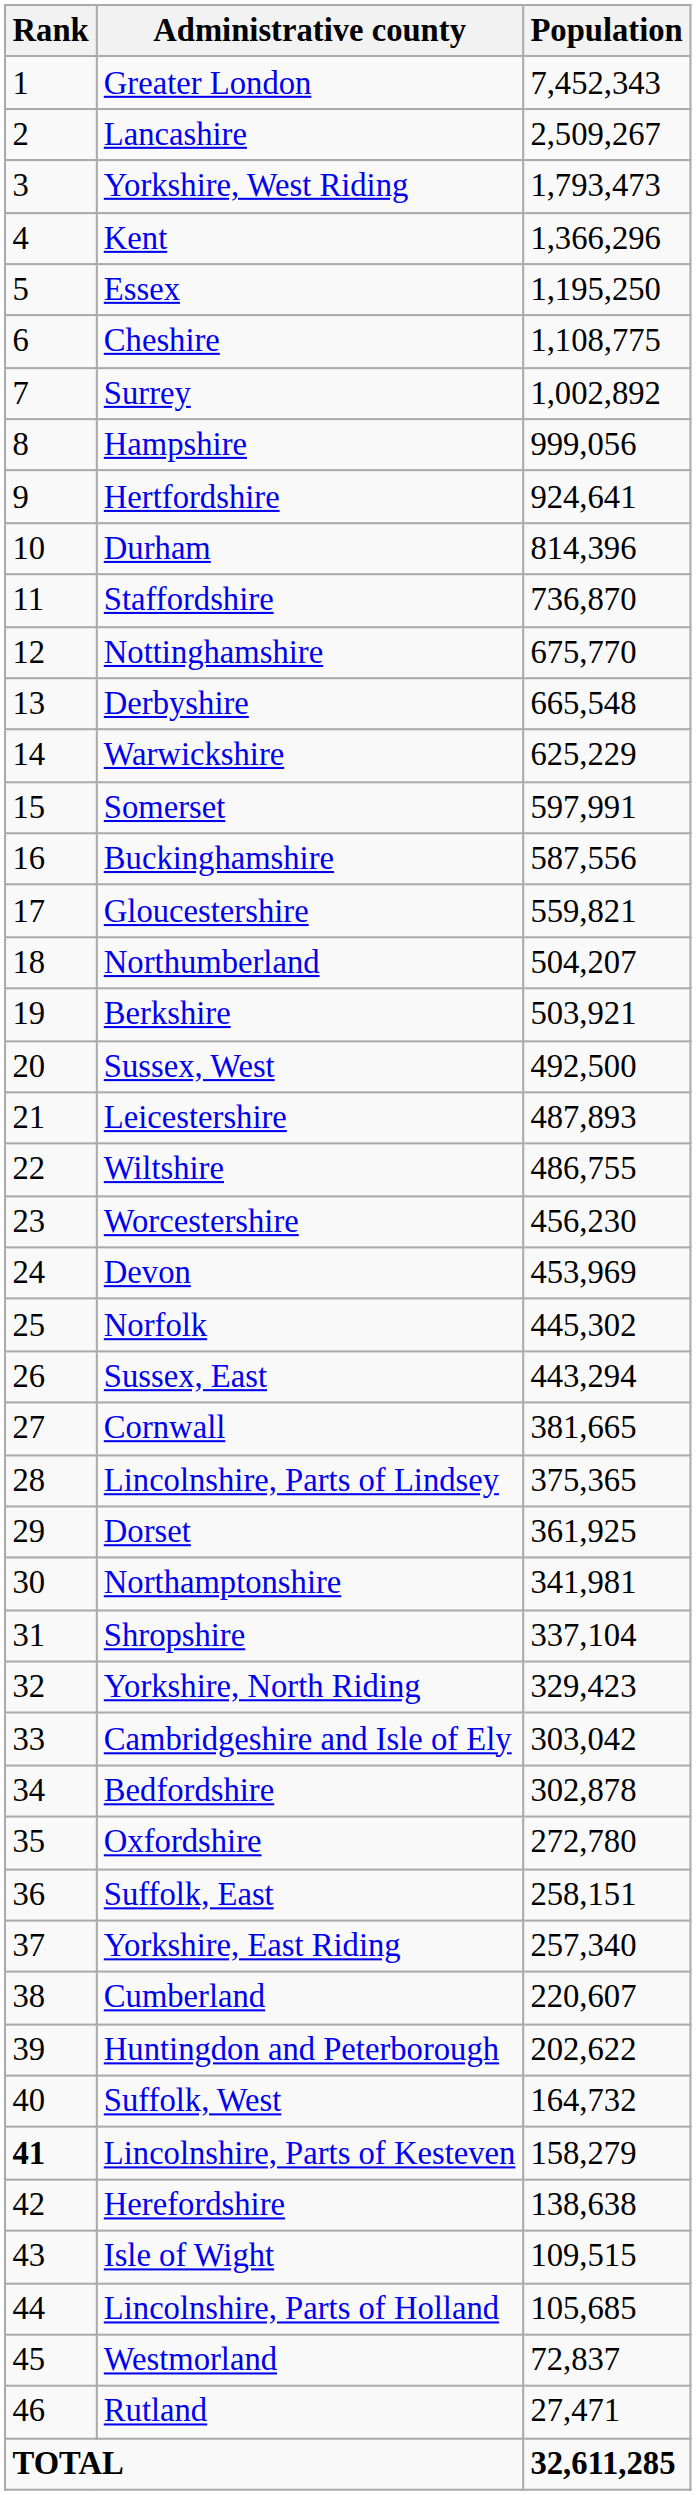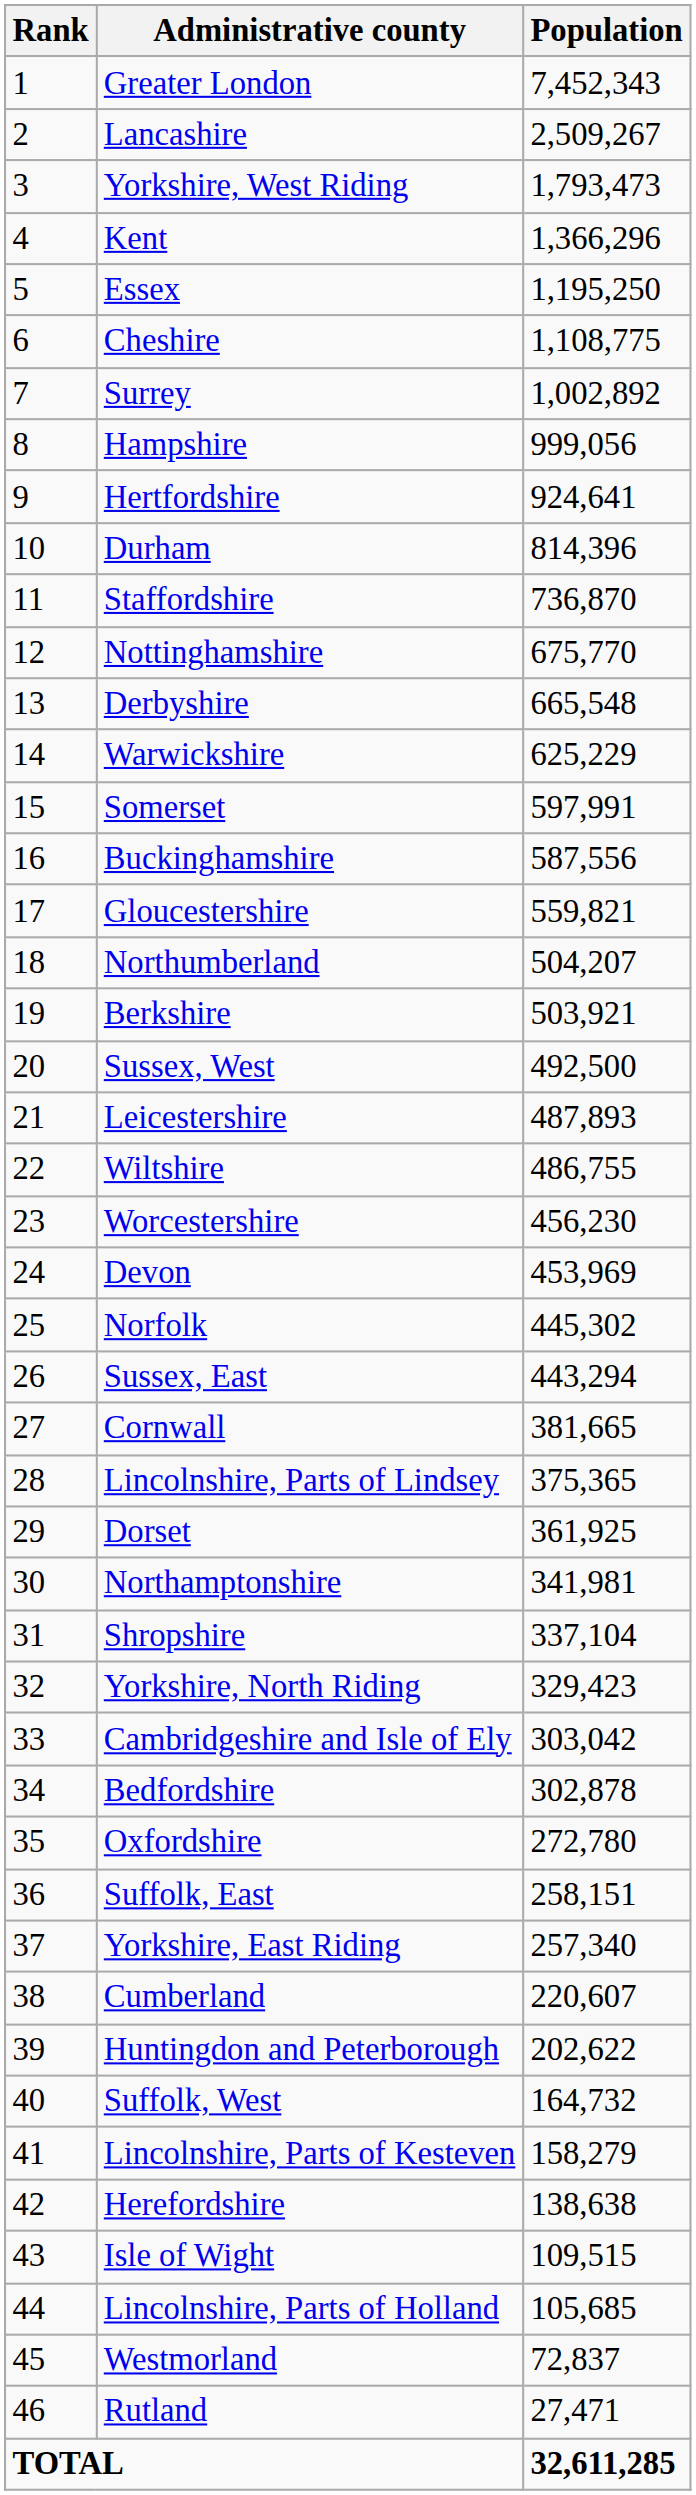 <table class="wikitable">
 <tr>
 <th>Rank</th>
 <th>Administrative county</th>
 <th>Population</th>
 </tr>
 <tr>
 <td>1</td>
 <td><a href='#'>Greater London</a></td>
 <td>7,452,343</td>
 </tr>
 <tr>
 <td>2</td>
 <td><a href='#'>Lancashire</a></td>
 <td>2,509,267</td>
 </tr>
 <tr>
 <td>3</td>
 <td><a href='#'>Yorkshire, West Riding</a></td>
 <td>1,793,473</td>
 </tr>
 <tr>
 <td>4</td>
 <td><a href='#'>Kent</a></td>
 <td>1,366,296</td>
 </tr>
 <tr>
 <td>5</td>
 <td><a href='#'>Essex</a></td>
 <td>1,195,250</td>
 </tr>
 <tr>
 <td>6</td>
 <td><a href='#'>Cheshire</a></td>
 <td>1,108,775</td>
 </tr>
 <tr>
 <td>7</td>
 <td><a href='#'>Surrey</a></td>
 <td>1,002,892</td>
 </tr>
 <tr>
 <td>8</td>
 <td><a href='#'>Hampshire</a></td>
 <td>999,056</td>
 </tr>
 <tr>
 <td>9</td>
 <td><a href='#'>Hertfordshire</a></td>
 <td>924,641</td>
 </tr>
 <tr>
 <td>10</td>
 <td><a href='#'>Durham</a></td>
 <td>814,396</td>
 </tr>
 <tr>
 <td>11</td>
 <td><a href='#'>Staffordshire</a></td>
 <td>736,870</td>
 </tr>
 <tr>
 <td>12</td>
 <td><a href='#'>Nottinghamshire</a></td>
 <td>675,770</td>
 </tr>
 <tr>
 <td>13</td>
 <td><a href='#'>Derbyshire</a></td>
 <td>665,548</td>
 </tr>
 <tr>
 <td>14</td>
 <td><a href='#'>Warwickshire</a></td>
 <td>625,229</td>
 </tr>
 <tr>
 <td>15</td>
 <td><a href='#'>Somerset</a></td>
 <td>597,991</td>
 </tr>
 <tr>
 <td>16</td>
 <td><a href='#'>Buckinghamshire</a></td>
 <td>587,556</td>
 </tr>
 <tr>
 <td>17</td>
 <td><a href='#'>Gloucestershire</a></td>
 <td>559,821</td>
 </tr>
 <tr>
 <td>18</td>
 <td><a href='#'>Northumberland</a></td>
 <td>504,207</td>
 </tr>
 <tr>
 <td>19</td>
 <td><a href='#'>Berkshire</a></td>
 <td>503,921</td>
 </tr>
 <tr>
 <td>20</td>
 <td><a href='#'>Sussex, West</a></td>
 <td>492,500</td>
 </tr>
 <tr>
 <td>21</td>
 <td><a href='#'>Leicestershire</a></td>
 <td>487,893</td>
 </tr>
 <tr>
 <td>22</td>
 <td><a href='#'>Wiltshire</a></td>
 <td>486,755</td>
 </tr>
 <tr>
 <td>23</td>
 <td><a href='#'>Worcestershire</a></td>
 <td>456,230</td>
 </tr>
 <tr>
 <td>24</td>
 <td><a href='#'>Devon</a></td>
 <td>453,969</td>
 </tr>
 <tr>
 <td>25</td>
 <td><a href='#'>Norfolk</a></td>
 <td>445,302</td>
 </tr>
 <tr>
 <td>26</td>
 <td><a href='#'>Sussex, East</a></td>
 <td>443,294</td>
 </tr>
 <tr>
 <td>27</td>
 <td><a href='#'>Cornwall</a></td>
 <td>381,665</td>
 </tr>
 <tr>
 <td>28</td>
 <td><a href='#'>Lincolnshire, Parts of Lindsey</a></td>
 <td>375,365</td>
 </tr>
 <tr>
 <td>29</td>
 <td><a href='#'>Dorset</a></td>
 <td>361,925</td>
 </tr>
 <tr>
 <td>30</td>
 <td><a href='#'>Northamptonshire</a></td>
 <td>341,981</td>
 </tr>
 <tr>
 <td>31</td>
 <td><a href='#'>Shropshire</a></td>
 <td>337,104</td>
 </tr>
 <tr>
 <td>32</td>
 <td><a href='#'>Yorkshire, North Riding</a></td>
 <td>329,423</td>
 </tr>
 <tr>
 <td>33</td>
 <td><a href='#'>Cambridgeshire and Isle of Ely</a></td>
 <td>303,042</td>
 </tr>
 <tr>
 <td>34</td>
 <td><a href='#'>Bedfordshire</a></td>
 <td>302,878</td>
 </tr>
 <tr>
 <td>35</td>
 <td><a href='#'>Oxfordshire</a></td>
 <td>272,780</td>
 </tr>
 <tr>
 <td>36</td>
 <td><a href='#'>Suffolk, East</a></td>
 <td>258,151</td>
 </tr>
 <tr>
 <td>37</td>
 <td><a href='#'>Yorkshire, East Riding</a></td>
 <td>257,340</td>
 </tr>
 <tr>
 <td>38</td>
 <td><a href='#'>Cumberland</a></td>
 <td>220,607</td>
 </tr>
 <tr>
 <td>39</td>
 <td><a href='#'>Huntingdon and Peterborough</a></td>
 <td>202,622</td>
 </tr>
 <tr>
 <td>40</td>
 <td><a href='#'>Suffolk, West</a></td>
 <td>164,732</td>
 </tr>
 <tr>
-<td><strong>41</strong></td>
+<td>41</td>
 <td><a href='#'>Lincolnshire, Parts of Kesteven</a></td>
 <td>158,279</td>
 </tr>
 <tr>
 <td>42</td>
 <td><a href='#'>Herefordshire</a></td>
 <td>138,638</td>
 </tr>
 <tr>
 <td>43</td>
 <td><a href='#'>Isle of Wight</a></td>
 <td>109,515</td>
 </tr>
 <tr>
 <td>44</td>
 <td><a href='#'>Lincolnshire, Parts of Holland</a></td>
 <td>105,685</td>
 </tr>
 <tr>
 <td>45</td>
 <td><a href='#'>Westmorland</a></td>
 <td>72,837</td>
 </tr>
 <tr>
 <td>46</td>
 <td><a href='#'>Rutland</a></td>
 <td>27,471</td>
 </tr>
 <tr>
 <td colspan="2"><strong>TOTAL</strong></td>
 <td><strong>32,611,285</strong></td>
 </tr>
 </table>
